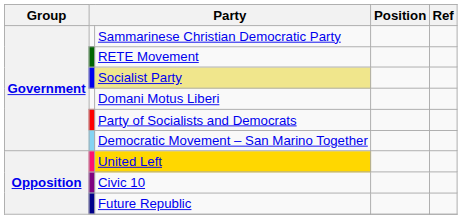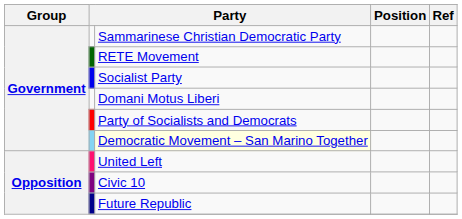 <table class="wikitable" style="font-size: 90%;">
 <tr>
 <th>Group</th>
 <th colspan="2">Party</th>
 <th>Position</th>
 <th>Ref</th>
 </tr>
 <tr>
 <th rowspan="6" style="vertical-align: center;"><a href='#'>Government</a></th>
 <td></td>
 <td><a href='#'>Sammarinese Christian Democratic Party</a></td>
 <td></td>
 <td></td>
 </tr>
 <tr>
 <td bgcolor="darkgreen"></td>
 <td><a href='#'>RETE Movement</a></td>
 <td></td>
 <td></td>
 </tr>
 <tr>
 <td bgcolor="lightred"></td>
-<td style="background: khaki;"><a href='#'>Socialist Party</a></td>
+<td><a href='#'>Socialist Party</a></td>
 <td></td>
 <td></td>
 </tr>
 <tr>
 <td></td>
 <td><a href='#'>Domani Motus Liberi</a></td>
 <td></td>
 <td></td>
 </tr>
 <tr>
 <td bgcolor="red"></td>
 <td><a href='#'>Party of Socialists and Democrats</a></td>
 <td></td>
 <td></td>
 </tr>
 <tr>
 <td bgcolor="#85D4F3"></td>
-<td><a href='#'>Democratic Movement – San Marino Together</a></td>
+<td style="background: lightyellow;"><a href='#'>Democratic Movement – San Marino Together</a></td>
 <td></td>
 <td></td>
 </tr>
 <tr>
 <th rowspan="7" style="vertical-align: center;"><a href='#'>Opposition</a></th>
 <td bgcolor="#FF1070"></td>
-<td style="background: gold;"><a href='#'>United Left</a></td>
+<td><a href='#'>United Left</a></td>
 <td></td>
 <td></td>
 </tr>
 <tr>
 <td bgcolor="purple"></td>
 <td><a href='#'>Civic 10</a></td>
 <td></td>
 <td></td>
 </tr>
 <tr>
 <td bgcolor="darkblue"></td>
 <td><a href='#'>Future Republic</a></td>
 <td></td>
 <td></td>
 </tr>
 <tr>
 </tr>
 </table>
